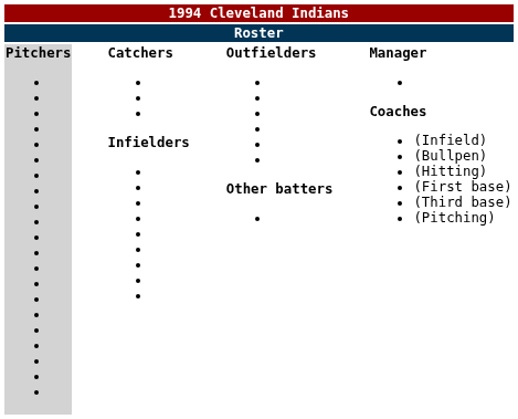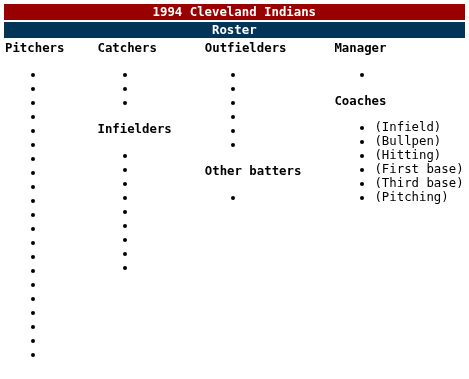 <table class="toccolours" style="font-size: 95%;">
 <tr>
 <th colspan="10" style="background-color: #990000; color: white; text-align: center;">1994 Cleveland Indians</th>
 </tr>
 <tr>
 <td colspan="10" style="background-color: #023456; color: #FFFFFF; text-align: center;"><strong>Roster</strong></td>
 </tr>
 <tr>
-<td valign="top" style="background: lightgrey;"><strong>Pitchers</strong><br><ul><li></li><li></li><li></li><li></li><li></li><li></li><li></li><li></li><li></li><li></li><li></li><li></li><li></li><li></li><li></li><li></li><li></li><li></li><li></li><li></li><li></li></ul></td>
+<td valign="top"><strong>Pitchers</strong><br><ul><li></li><li></li><li></li><li></li><li></li><li></li><li></li><li></li><li></li><li></li><li></li><li></li><li></li><li></li><li></li><li></li><li></li><li></li><li></li><li></li><li></li></ul></td>
 <td width="25px"></td>
 <td valign="top"><strong>Catchers</strong><br><ul><li></li><li></li><li></li></ul><strong>Infielders</strong><ul><li></li><li></li><li></li><li></li><li></li><li></li><li></li><li></li><li></li></ul></td>
 <td width="25px"></td>
 <td valign="top"><strong>Outfielders</strong><br><ul><li></li><li></li><li></li><li></li><li></li><li></li></ul><strong>Other batters</strong><ul><li></li></ul></td>
 <td width="25px"></td>
 <td valign="top"><strong>Manager</strong><br><ul><li></li></ul><strong>Coaches</strong><ul><li> (Infield)</li><li> (Bullpen)</li><li> (Hitting)</li><li> (First base)</li><li> (Third base)</li><li> (Pitching)</li></ul></td>
 </tr>
 </table>
